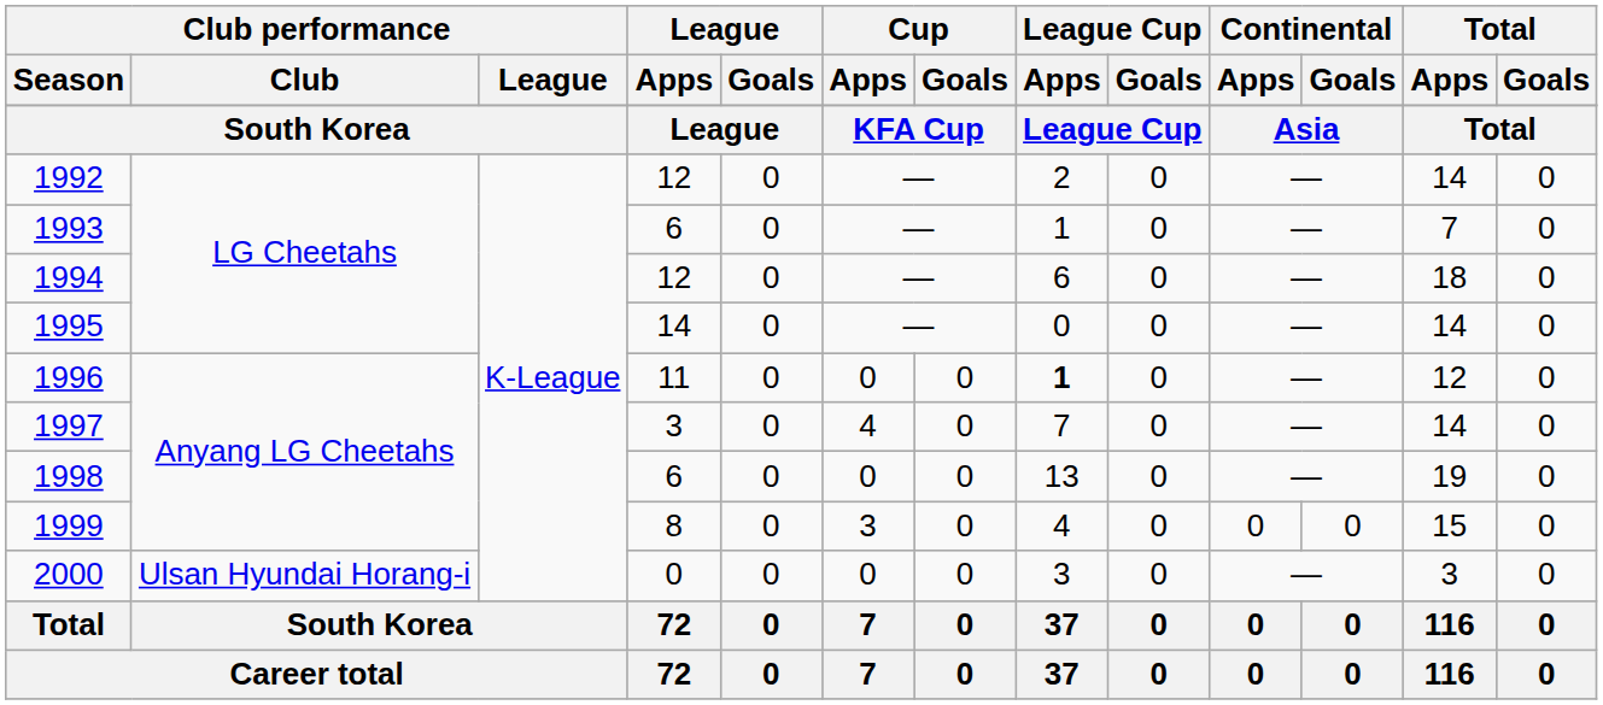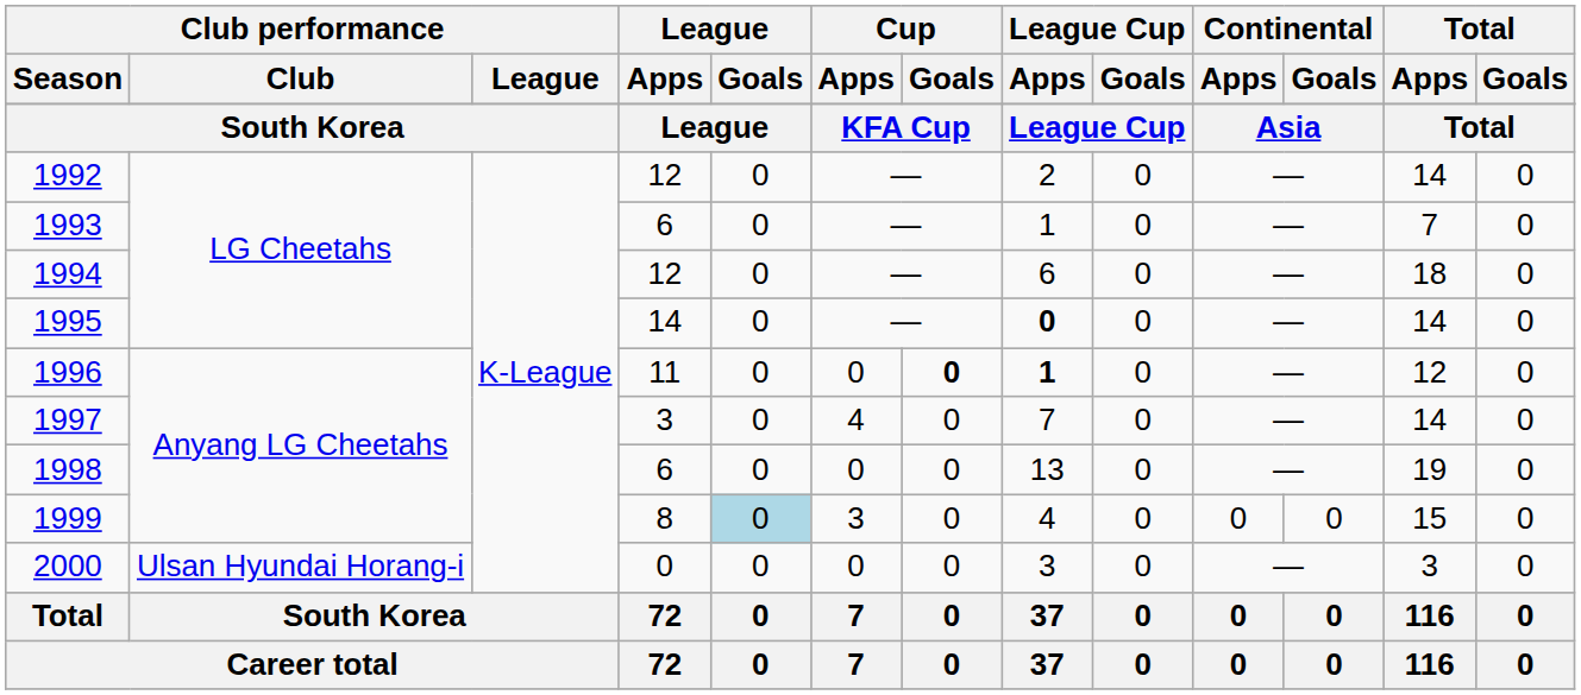 <table class="wikitable" style="text-align:center">
 <tr>
 <th colspan=3>Club performance</th>
 <th colspan=2>League</th>
 <th colspan=2>Cup</th>
 <th colspan=2>League Cup</th>
 <th colspan=2>Continental</th>
 <th colspan=2>Total</th>
 </tr>
 <tr>
 <th>Season</th>
 <th>Club</th>
 <th>League</th>
 <th>Apps</th>
 <th>Goals</th>
 <th>Apps</th>
 <th>Goals</th>
 <th>Apps</th>
 <th>Goals</th>
 <th>Apps</th>
 <th>Goals</th>
 <th>Apps</th>
 <th>Goals</th>
 </tr>
 <tr>
 </tr>
 <tr>
 <th colspan=3>South Korea</th>
 <th colspan=2>League</th>
 <th colspan=2><a href='#'>KFA Cup</a></th>
 <th colspan=2><a href='#'>League Cup</a></th>
 <th colspan=2><a href='#'>Asia</a></th>
 <th colspan=2>Total</th>
 </tr>
 <tr>
 <td><a href='#'>1992</a></td>
 <td rowspan="4"><a href='#'>LG Cheetahs</a></td>
 <td rowspan="9"><a href='#'>K-League</a></td>
 <td>12</td>
 <td>0</td>
 <td colspan="2">—</td>
 <td>2</td>
 <td>0</td>
 <td colspan="2">—</td>
 <td>14</td>
 <td>0</td>
 </tr>
 <tr>
 <td><a href='#'>1993</a></td>
 <td>6</td>
 <td>0</td>
 <td colspan="2">—</td>
 <td>1</td>
 <td>0</td>
 <td colspan="2">—</td>
 <td>7</td>
 <td>0</td>
 </tr>
 <tr>
 <td><a href='#'>1994</a></td>
 <td>12</td>
 <td>0</td>
 <td colspan="2">—</td>
 <td>6</td>
 <td>0</td>
 <td colspan="2">—</td>
 <td>18</td>
 <td>0</td>
 </tr>
 <tr>
 <td><a href='#'>1995</a></td>
 <td>14</td>
 <td>0</td>
 <td colspan="2">—</td>
-<td>0</td>
+<td><strong>0</strong></td>
 <td>0</td>
 <td colspan="2">—</td>
 <td>14</td>
 <td>0</td>
 </tr>
 <tr>
 <td><a href='#'>1996</a></td>
 <td rowspan="4"><a href='#'>Anyang LG Cheetahs</a></td>
 <td>11</td>
 <td>0</td>
 <td>0</td>
-<td>0</td>
+<td><strong>0</strong></td>
 <td><strong>1</strong></td>
 <td>0</td>
 <td colspan="2">—</td>
 <td>12</td>
 <td>0</td>
 </tr>
 <tr>
 <td><a href='#'>1997</a></td>
 <td>3</td>
 <td>0</td>
 <td>4</td>
 <td>0</td>
 <td>7</td>
 <td>0</td>
 <td colspan="2">—</td>
 <td>14</td>
 <td>0</td>
 </tr>
 <tr>
 <td><a href='#'>1998</a></td>
 <td>6</td>
 <td>0</td>
 <td>0</td>
 <td>0</td>
 <td>13</td>
 <td>0</td>
 <td colspan="2">—</td>
 <td>19</td>
 <td>0</td>
 </tr>
 <tr>
 <td><a href='#'>1999</a></td>
 <td>8</td>
-<td>0</td>
+<td style="background: lightblue;">0</td>
 <td>3</td>
 <td>0</td>
 <td>4</td>
 <td>0</td>
 <td>0</td>
 <td>0</td>
 <td>15</td>
 <td>0</td>
 </tr>
 <tr>
 <td><a href='#'>2000</a></td>
 <td><a href='#'>Ulsan Hyundai Horang-i</a></td>
 <td>0</td>
 <td>0</td>
 <td>0</td>
 <td>0</td>
 <td>3</td>
 <td>0</td>
 <td colspan="2">—</td>
 <td>3</td>
 <td>0</td>
 </tr>
 <tr>
 <th rowspan=1>Total</th>
 <th colspan=2>South Korea</th>
 <th>72</th>
 <th>0</th>
 <th>7</th>
 <th>0</th>
 <th>37</th>
 <th>0</th>
 <th>0</th>
 <th>0</th>
 <th>116</th>
 <th>0</th>
 </tr>
 <tr>
 <th colspan=3>Career total</th>
 <th>72</th>
 <th>0</th>
 <th>7</th>
 <th>0</th>
 <th>37</th>
 <th>0</th>
 <th>0</th>
 <th>0</th>
 <th>116</th>
 <th>0</th>
 </tr>
 </table>
